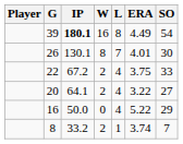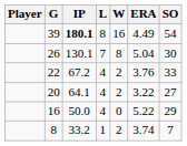 <table class="wikitable sortable" style="text-align:center;">
 <tr>
 <th>Player</th>
 <th>G</th>
 <th>IP</th>
+<th>L</th>
 <th>W</th>
-<th>L</th>
 <th>ERA</th>
 <th>SO</th>
 </tr>
 <tr>
 <td></td>
 <td>39</td>
 <td><strong>180.1</strong></td>
+<td>8</td>
 <td>16</td>
-<td>8</td>
 <td>4.49</td>
 <td>54</td>
 </tr>
 <tr>
 <td></td>
 <td>26</td>
 <td>130.1</td>
+<td>7</td>
 <td>8</td>
-<td>7</td>
-<td>4.01</td>
+<td>5.04</td>
 <td>30</td>
 </tr>
 <tr>
 <td></td>
 <td>22</td>
 <td>67.2</td>
+<td>4</td>
 <td>2</td>
-<td>4</td>
-<td>3.75</td>
+<td>3.76</td>
 <td>33</td>
 </tr>
 <tr>
 <td></td>
 <td>20</td>
 <td>64.1</td>
+<td>4</td>
 <td>2</td>
-<td>4</td>
 <td>3.22</td>
 <td>27</td>
 </tr>
 <tr>
 <td></td>
 <td>16</td>
 <td>50.0</td>
+<td>4</td>
 <td>0</td>
-<td>4</td>
 <td>5.22</td>
 <td>29</td>
 </tr>
 <tr>
 <td></td>
 <td>8</td>
 <td>33.2</td>
+<td>1</td>
 <td>2</td>
-<td>1</td>
 <td>3.74</td>
 <td>7</td>
 </tr>
 </table>
